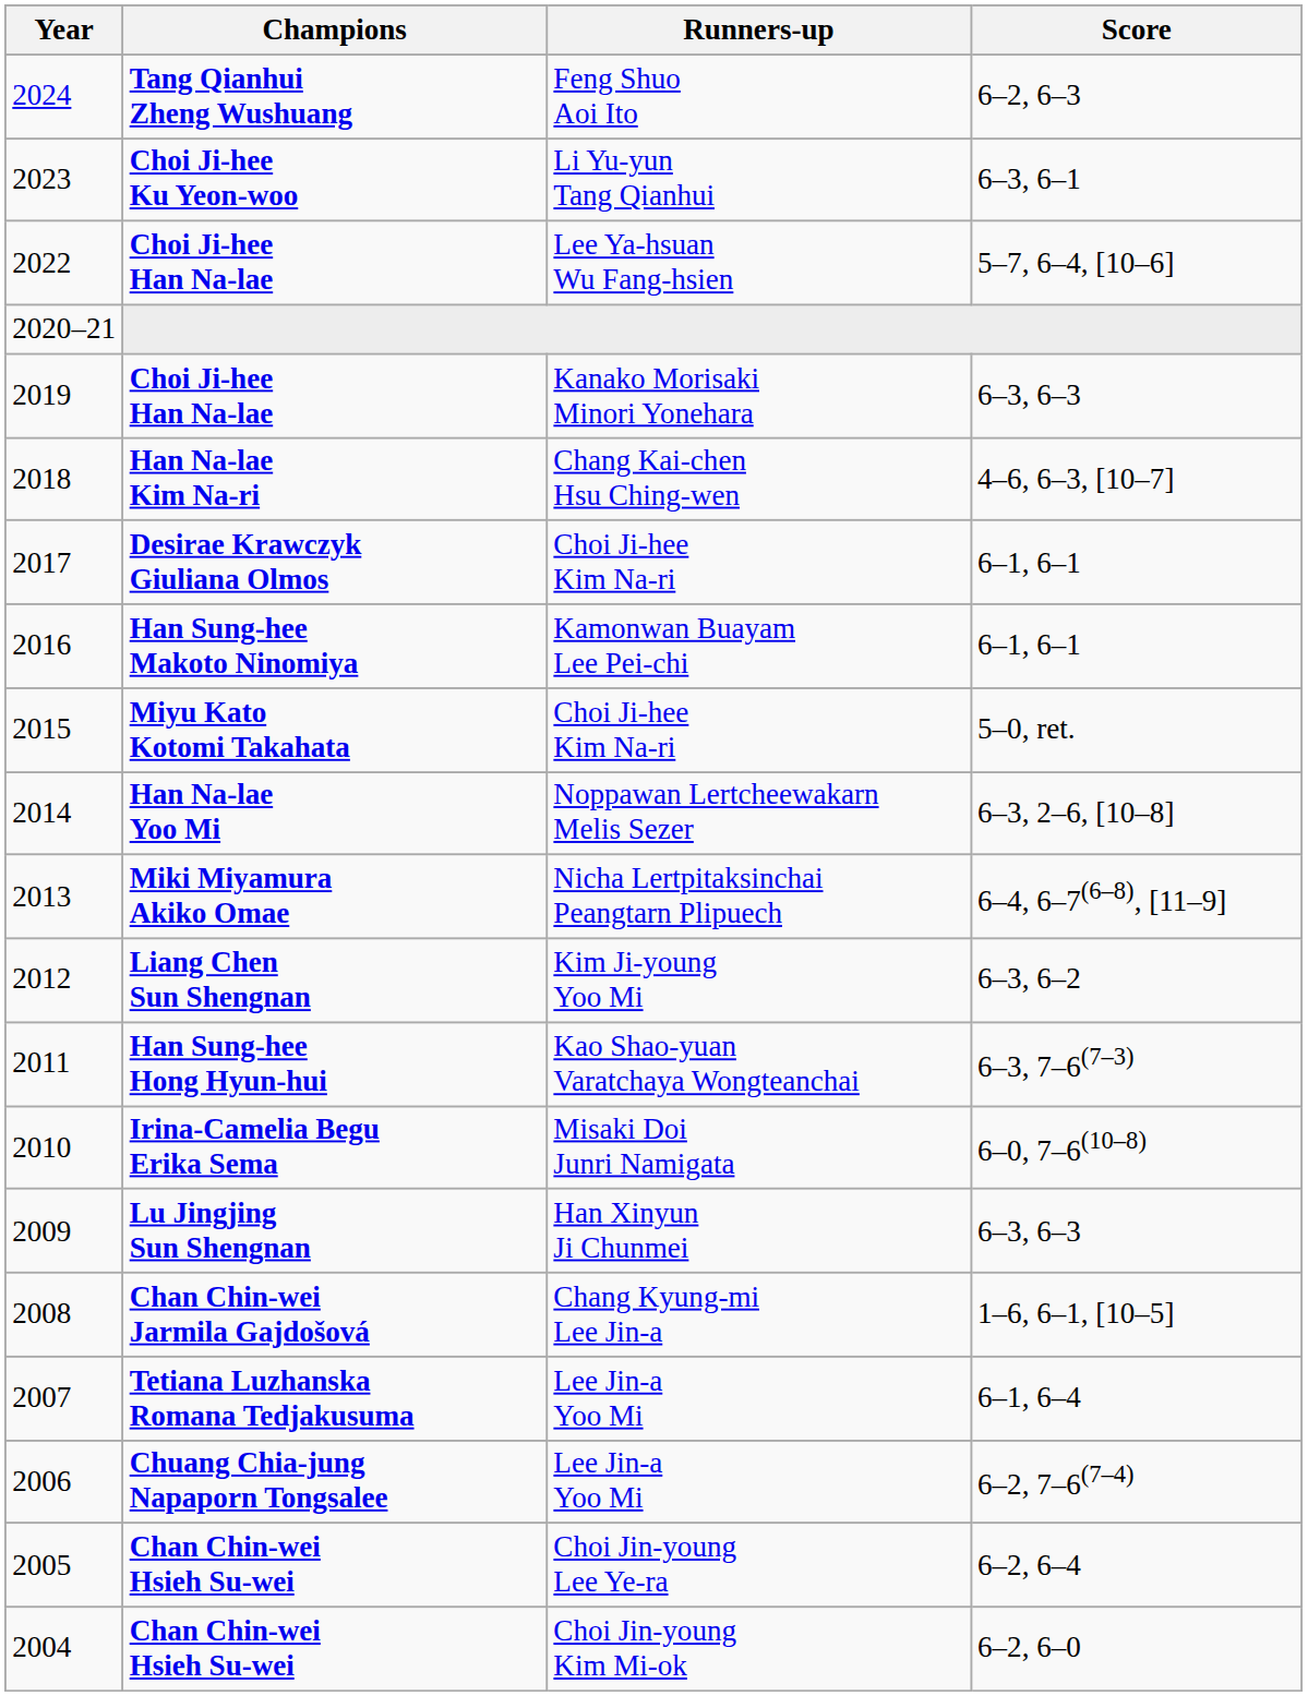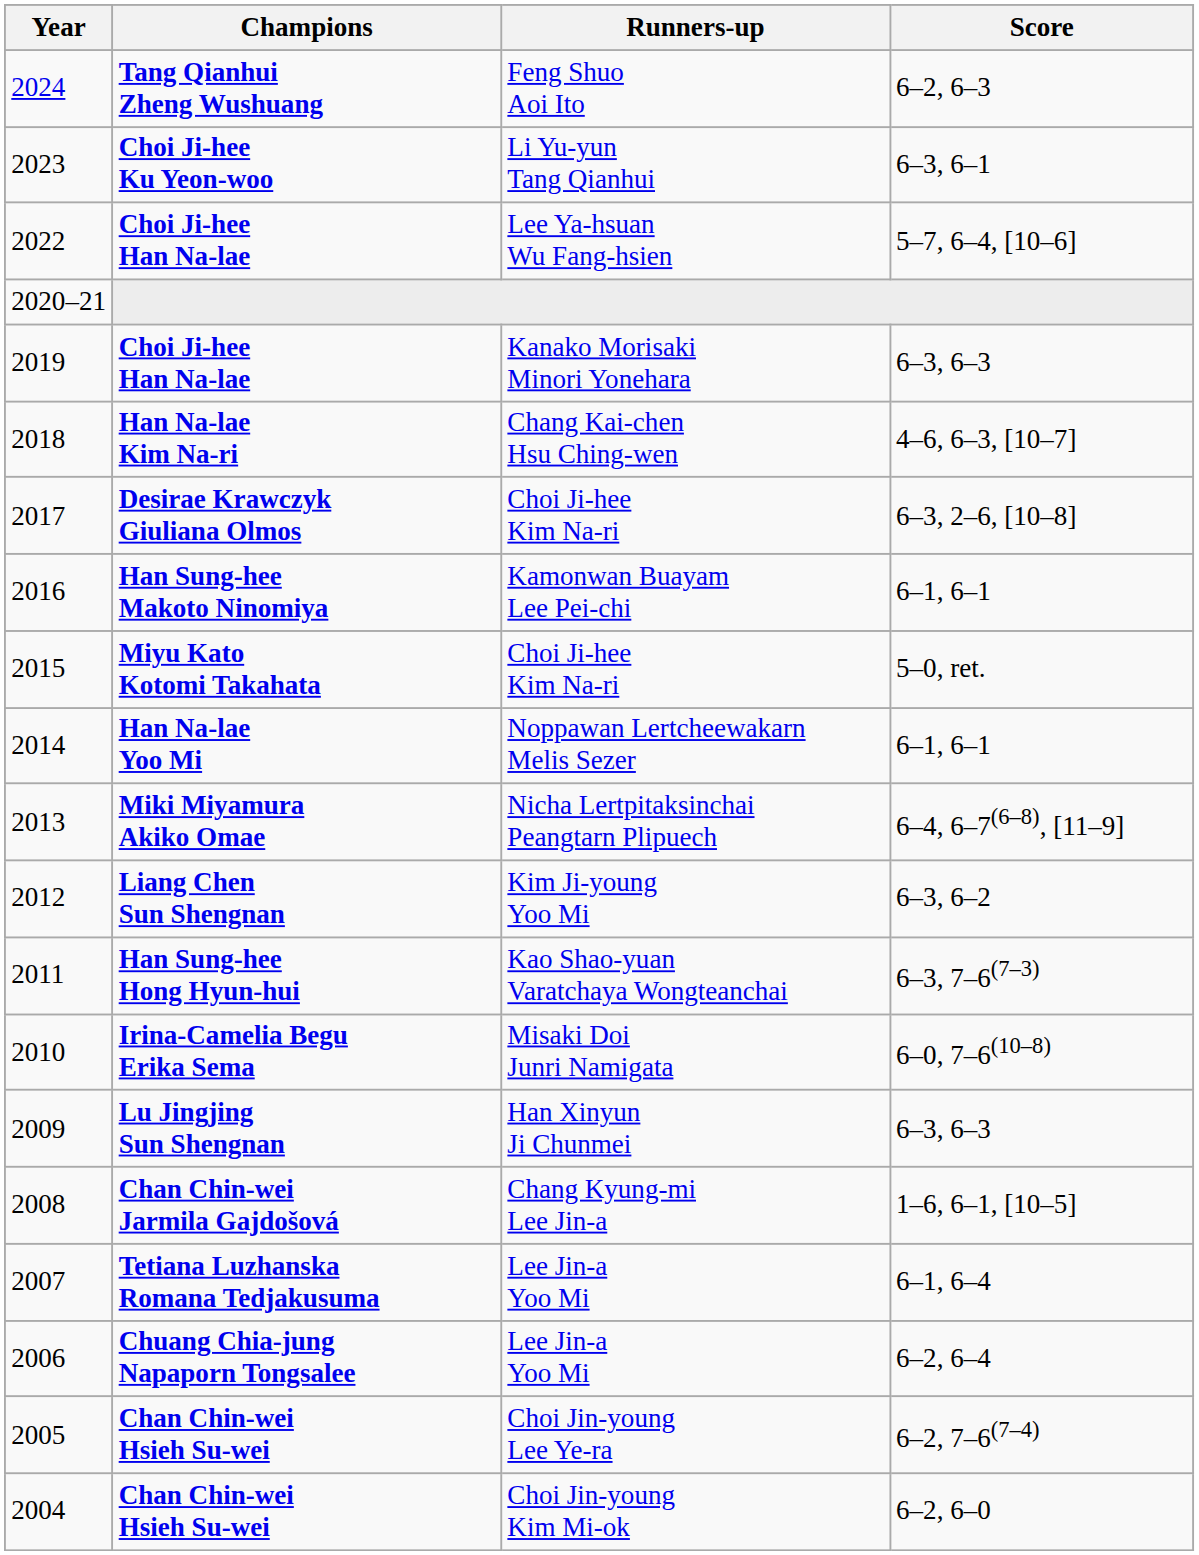 <table class="wikitable" style="font-size:90%">
 <tr>
 <th>Year</th>
 <th width="200">Champions</th>
 <th width="200">Runners-up</th>
 <th width="155">Score</th>
 </tr>
 <tr>
 <td><a href='#'>2024</a></td>
 <td> <strong><a href='#'>Tang Qianhui</a></strong> <br>  <strong><a href='#'>Zheng Wushuang</a></strong></td>
 <td> <a href='#'>Feng Shuo</a> <br>  <a href='#'>Aoi Ito</a></td>
 <td>6–2, 6–3</td>
 </tr>
 <tr>
 <td>2023</td>
 <td> <strong><a href='#'>Choi Ji-hee</a></strong> <br>  <strong><a href='#'>Ku Yeon-woo</a></strong></td>
 <td> <a href='#'>Li Yu-yun</a> <br>  <a href='#'>Tang Qianhui</a></td>
 <td>6–3, 6–1</td>
 </tr>
 <tr>
 <td>2022</td>
 <td> <strong><a href='#'>Choi Ji-hee</a></strong> <br>  <strong><a href='#'>Han Na-lae</a></strong></td>
 <td> <a href='#'>Lee Ya-hsuan</a> <br>  <a href='#'>Wu Fang-hsien</a></td>
 <td>5–7, 6–4, [10–6]</td>
 </tr>
 <tr>
 <td>2020–21</td>
 <td colspan=3 bgcolor="#ededed"></td>
 </tr>
 <tr>
 <td>2019</td>
 <td> <strong><a href='#'>Choi Ji-hee</a></strong> <br>  <strong><a href='#'>Han Na-lae</a></strong></td>
 <td> <a href='#'>Kanako Morisaki</a> <br>  <a href='#'>Minori Yonehara</a></td>
 <td>6–3, 6–3</td>
 </tr>
 <tr>
 <td>2018</td>
 <td> <strong><a href='#'>Han Na-lae</a></strong> <br>  <strong><a href='#'>Kim Na-ri</a></strong></td>
 <td> <a href='#'>Chang Kai-chen</a> <br>  <a href='#'>Hsu Ching-wen</a></td>
 <td>4–6, 6–3, [10–7]</td>
 </tr>
 <tr>
 <td>2017</td>
 <td> <strong><a href='#'>Desirae Krawczyk</a></strong> <br>  <strong><a href='#'>Giuliana Olmos</a></strong></td>
 <td> <a href='#'>Choi Ji-hee</a> <br>  <a href='#'>Kim Na-ri</a></td>
-<td>6–1, 6–1</td>
+<td>6–3, 2–6, [10–8]</td>
 </tr>
 <tr>
 <td>2016</td>
 <td> <strong><a href='#'>Han Sung-hee</a></strong> <br>  <strong><a href='#'>Makoto Ninomiya</a></strong></td>
 <td> <a href='#'>Kamonwan Buayam</a> <br>  <a href='#'>Lee Pei-chi</a></td>
 <td>6–1, 6–1</td>
 </tr>
 <tr>
 <td>2015</td>
 <td> <strong><a href='#'>Miyu Kato</a></strong> <br>  <strong><a href='#'>Kotomi Takahata</a></strong></td>
 <td> <a href='#'>Choi Ji-hee</a> <br>  <a href='#'>Kim Na-ri</a></td>
 <td>5–0, ret.</td>
 </tr>
 <tr>
 <td>2014</td>
 <td> <strong><a href='#'>Han Na-lae</a></strong> <br>  <strong><a href='#'>Yoo Mi</a></strong></td>
 <td> <a href='#'>Noppawan Lertcheewakarn</a> <br>  <a href='#'>Melis Sezer</a></td>
-<td>6–3, 2–6, [10–8]</td>
+<td>6–1, 6–1</td>
 </tr>
 <tr>
 <td>2013</td>
 <td> <strong><a href='#'>Miki Miyamura</a></strong> <br>  <strong><a href='#'>Akiko Omae</a></strong></td>
 <td> <a href='#'>Nicha Lertpitaksinchai</a> <br>  <a href='#'>Peangtarn Plipuech</a></td>
 <td>6–4, 6–7<sup>(6–8)</sup>, [11–9]</td>
 </tr>
 <tr>
 <td>2012</td>
 <td> <strong><a href='#'>Liang Chen</a></strong> <br>  <strong><a href='#'>Sun Shengnan</a></strong></td>
 <td> <a href='#'>Kim Ji-young</a> <br>  <a href='#'>Yoo Mi</a></td>
 <td>6–3, 6–2</td>
 </tr>
 <tr>
 <td>2011</td>
 <td> <strong><a href='#'>Han Sung-hee</a></strong> <br>  <strong><a href='#'>Hong Hyun-hui</a></strong></td>
 <td> <a href='#'>Kao Shao-yuan</a> <br>  <a href='#'>Varatchaya Wongteanchai</a></td>
 <td>6–3, 7–6<sup>(7–3)</sup></td>
 </tr>
 <tr>
 <td>2010</td>
 <td> <strong><a href='#'>Irina-Camelia Begu</a></strong> <br>  <strong><a href='#'>Erika Sema</a></strong></td>
 <td> <a href='#'>Misaki Doi</a> <br>  <a href='#'>Junri Namigata</a></td>
 <td>6–0, 7–6<sup>(10–8)</sup></td>
 </tr>
 <tr>
 <td>2009</td>
 <td> <strong><a href='#'>Lu Jingjing</a></strong> <br>  <strong><a href='#'>Sun Shengnan</a></strong></td>
 <td> <a href='#'>Han Xinyun</a> <br>  <a href='#'>Ji Chunmei</a></td>
 <td>6–3, 6–3</td>
 </tr>
 <tr>
 <td>2008</td>
 <td> <strong><a href='#'>Chan Chin-wei</a></strong> <br>  <strong><a href='#'>Jarmila Gajdošová</a></strong></td>
 <td> <a href='#'>Chang Kyung-mi</a> <br>  <a href='#'>Lee Jin-a</a></td>
 <td>1–6, 6–1, [10–5]</td>
 </tr>
 <tr>
 <td>2007</td>
 <td> <strong><a href='#'>Tetiana Luzhanska</a></strong> <br>  <strong><a href='#'>Romana Tedjakusuma</a></strong></td>
 <td> <a href='#'>Lee Jin-a</a> <br>  <a href='#'>Yoo Mi</a></td>
 <td>6–1, 6–4</td>
 </tr>
 <tr>
 <td>2006</td>
 <td> <strong><a href='#'>Chuang Chia-jung</a></strong> <br>  <strong><a href='#'>Napaporn Tongsalee</a></strong></td>
 <td> <a href='#'>Lee Jin-a</a> <br>  <a href='#'>Yoo Mi</a></td>
-<td>6–2, 7–6<sup>(7–4)</sup></td>
+<td>6–2, 6–4</td>
 </tr>
 <tr>
 <td>2005</td>
 <td> <strong><a href='#'>Chan Chin-wei</a></strong> <br>  <strong><a href='#'>Hsieh Su-wei</a></strong></td>
 <td> <a href='#'>Choi Jin-young</a> <br>  <a href='#'>Lee Ye-ra</a></td>
-<td>6–2, 6–4</td>
+<td>6–2, 7–6<sup>(7–4)</sup></td>
 </tr>
 <tr>
 <td>2004</td>
 <td> <strong><a href='#'>Chan Chin-wei</a></strong> <br>  <strong><a href='#'>Hsieh Su-wei</a></strong></td>
 <td> <a href='#'>Choi Jin-young</a> <br>  <a href='#'>Kim Mi-ok</a></td>
 <td>6–2, 6–0</td>
 </tr>
 </table>
